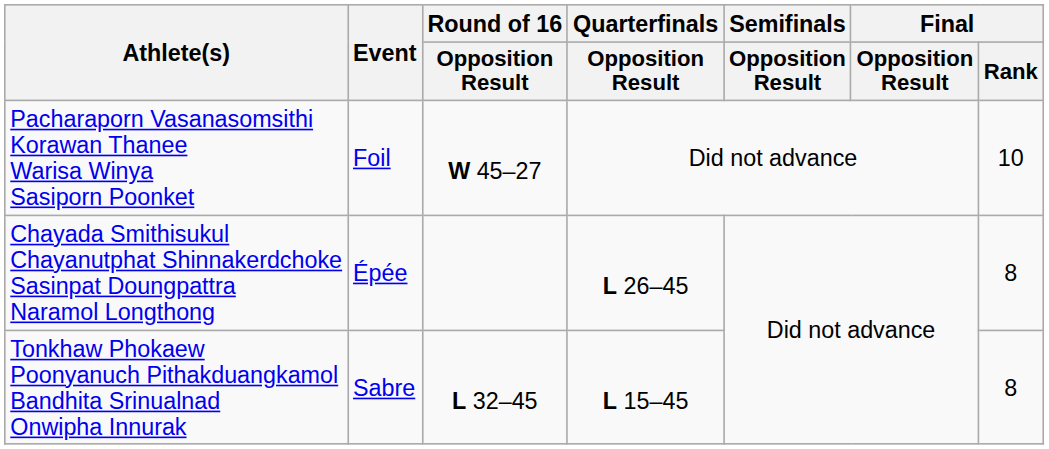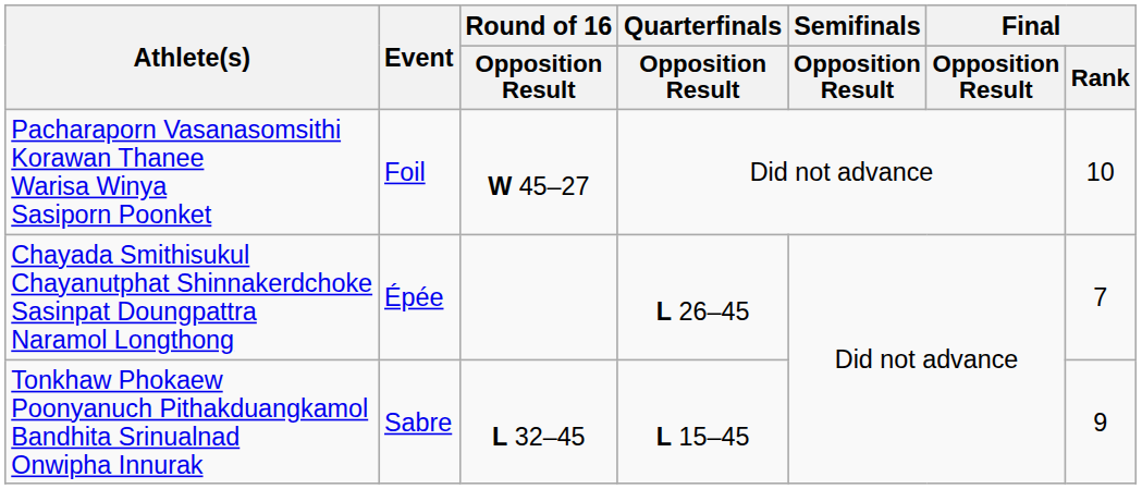 <table class="wikitable" style="font-size:90%">
 <tr>
 <th rowspan="2">Athlete(s)</th>
 <th rowspan="2">Event</th>
 <th>Round of 16</th>
 <th>Quarterfinals</th>
 <th>Semifinals</th>
 <th colspan=2>Final</th>
 </tr>
 <tr style="font-size:95%">
 <th>Opposition<br>Result</th>
 <th>Opposition<br>Result</th>
 <th>Opposition<br>Result</th>
 <th>Opposition<br>Result</th>
 <th>Rank</th>
 </tr>
 <tr align=center>
 <td align=left><a href='#'>Pacharaporn Vasanasomsithi</a><br><a href='#'>Korawan Thanee</a><br><a href='#'>Warisa Winya</a><br><a href='#'>Sasiporn Poonket</a></td>
 <td align=left><a href='#'>Foil</a></td>
 <td> <br><strong>W</strong> 45–27</td>
 <td colspan=3>Did not advance</td>
 <td>10</td>
 </tr>
 <tr align=center>
 <td align=left><a href='#'>Chayada Smithisukul</a><br><a href='#'>Chayanutphat Shinnakerdchoke</a><br><a href='#'>Sasinpat Doungpattra</a><br><a href='#'>Naramol Longthong</a></td>
 <td align=left><a href='#'>Épée</a></td>
 <td></td>
 <td> <br><strong>L</strong> 26–45</td>
 <td rowspan=2 colspan=2>Did not advance</td>
-<td>8</td>
+<td>7</td>
 </tr>
 <tr align=center>
 <td align=left><a href='#'>Tonkhaw Phokaew</a><br><a href='#'>Poonyanuch Pithakduangkamol</a><br><a href='#'>Bandhita Srinualnad</a><br><a href='#'>Onwipha Innurak</a></td>
 <td align=left><a href='#'>Sabre</a></td>
 <td> <br><strong>L</strong> 32–45</td>
 <td> <br><strong>L</strong> 15–45</td>
-<td>8</td>
+<td>9</td>
 </tr>
 </table>
